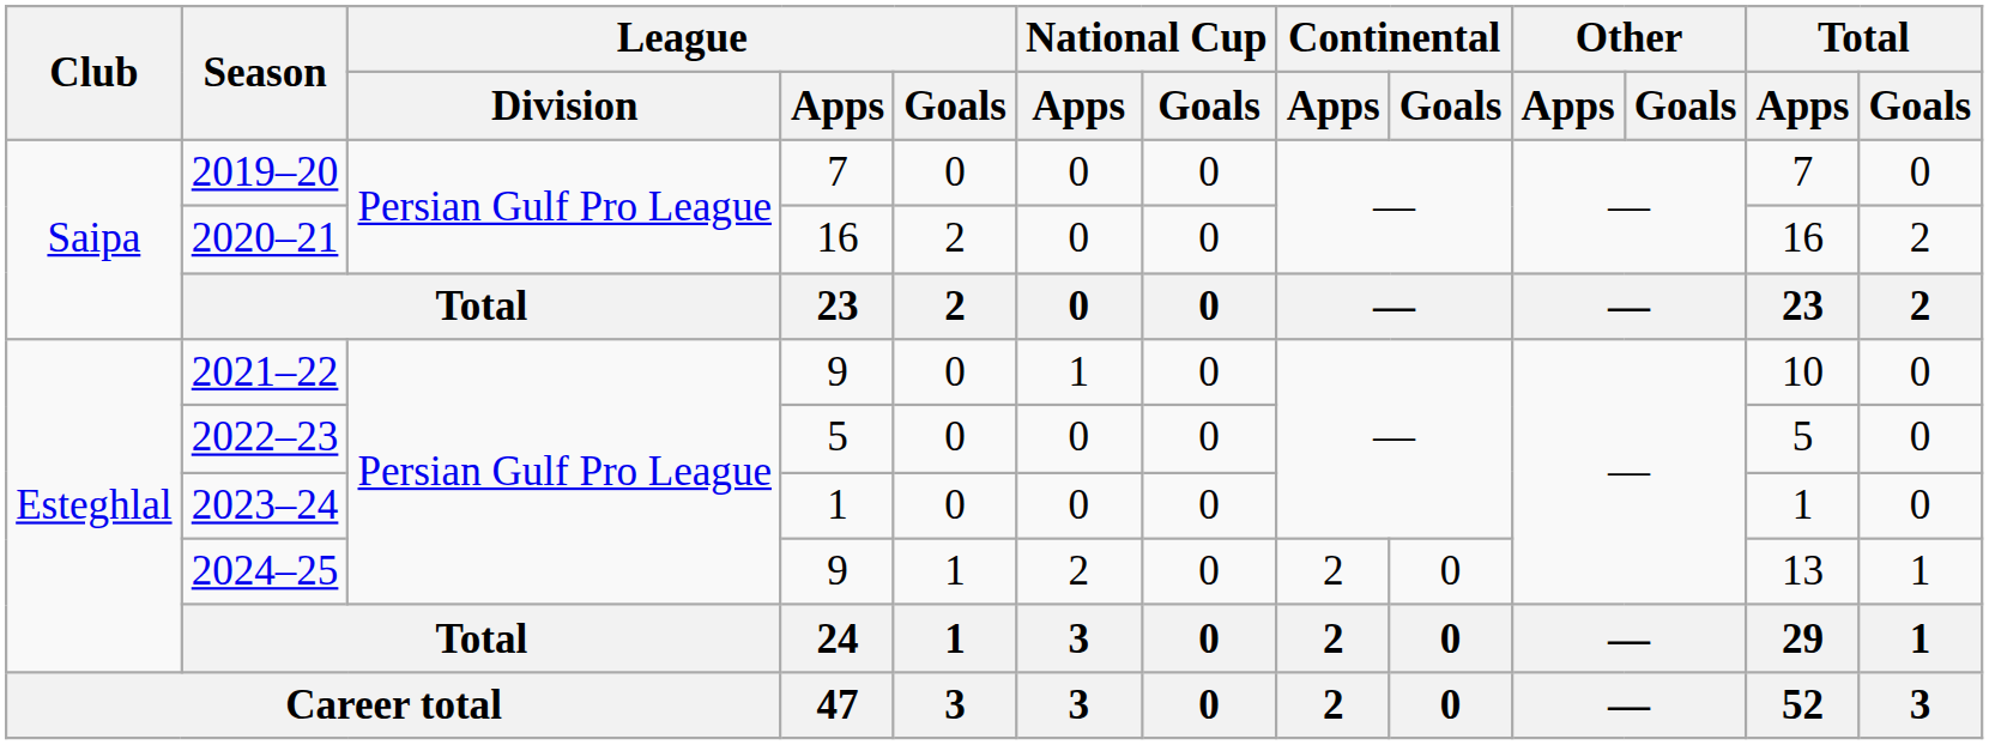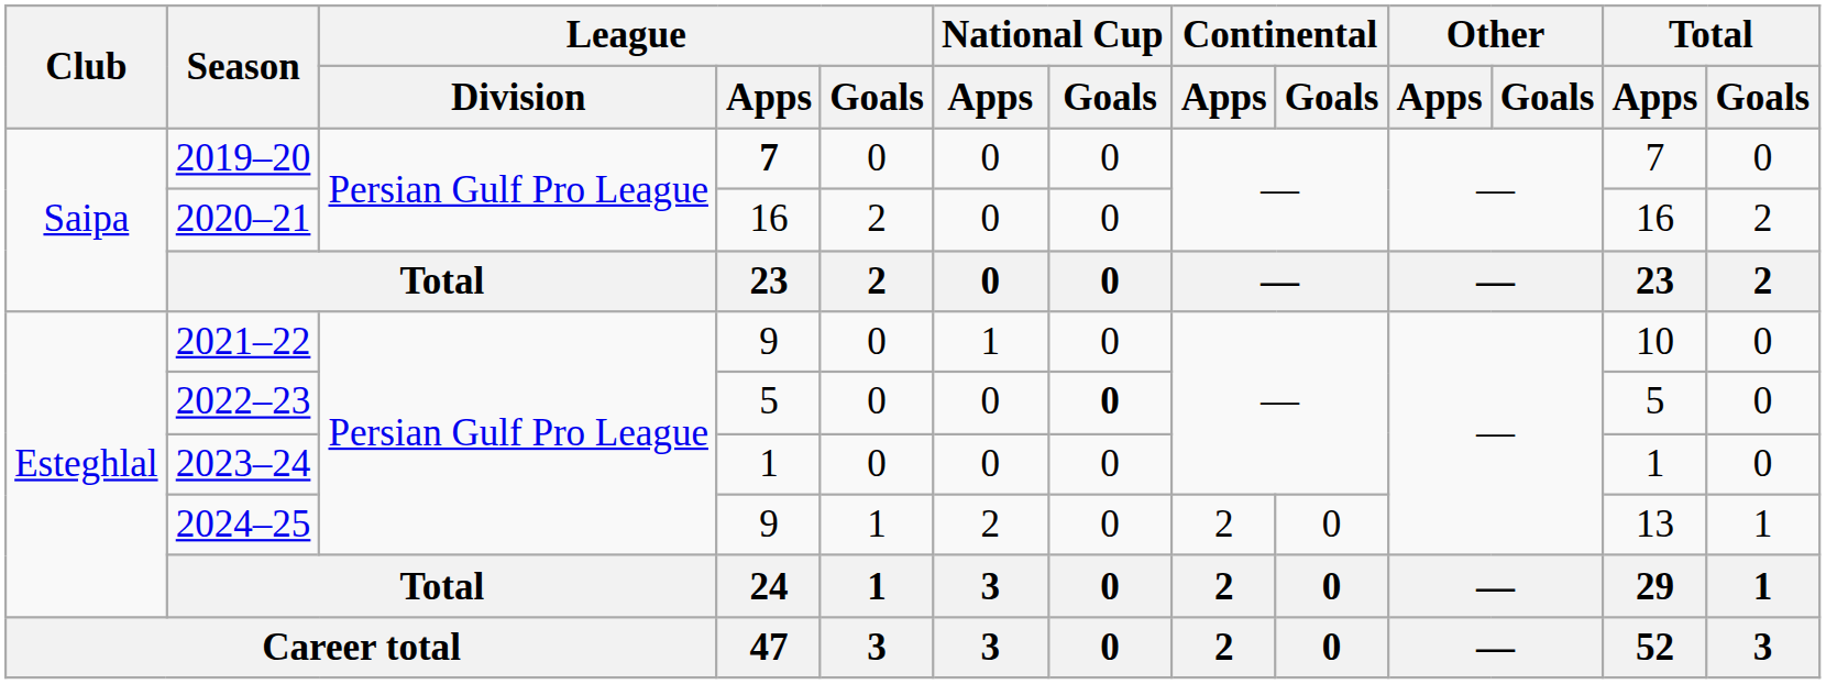 <table class="wikitable" style="text-align:center">
 <tr>
 <th rowspan="2">Club</th>
 <th rowspan="2">Season</th>
 <th colspan="3">League</th>
 <th colspan="2">National Cup</th>
 <th colspan="2">Continental</th>
 <th colspan="2">Other</th>
 <th colspan="2">Total</th>
 </tr>
 <tr>
 <th>Division</th>
 <th>Apps</th>
 <th>Goals</th>
 <th>Apps</th>
 <th>Goals</th>
 <th>Apps</th>
 <th>Goals</th>
 <th>Apps</th>
 <th>Goals</th>
 <th>Apps</th>
 <th>Goals</th>
 </tr>
 <tr>
 <td rowspan="3"><a href='#'>Saipa</a></td>
 <td><a href='#'>2019–20</a></td>
 <td rowspan="2"><a href='#'>Persian Gulf Pro League</a></td>
-<td>7</td>
+<td><strong>7</strong></td>
 <td>0</td>
 <td>0</td>
 <td>0</td>
 <td colspan="2" rowspan="2">—</td>
 <td colspan="2" rowspan="2">—</td>
 <td>7</td>
 <td>0</td>
 </tr>
 <tr>
 <td><a href='#'>2020–21</a></td>
 <td>16</td>
 <td>2</td>
 <td>0</td>
 <td>0</td>
 <td>16</td>
 <td>2</td>
 </tr>
 <tr>
 <th colspan=2>Total</th>
 <th>23</th>
 <th>2</th>
 <th>0</th>
 <th>0</th>
 <th colspan="2">—</th>
 <th colspan="2">—</th>
 <th>23</th>
 <th>2</th>
 </tr>
 <tr>
 <td rowspan="5"><a href='#'>Esteghlal</a></td>
 <td><a href='#'>2021–22</a></td>
 <td rowspan="4"><a href='#'>Persian Gulf Pro League</a></td>
 <td>9</td>
 <td>0</td>
 <td>1</td>
 <td>0</td>
 <td colspan="2" rowspan="3">—</td>
 <td colspan="2" rowspan="4">—</td>
 <td>10</td>
 <td>0</td>
 </tr>
 <tr>
 <td><a href='#'>2022–23</a></td>
 <td>5</td>
 <td>0</td>
 <td>0</td>
-<td>0</td>
+<td><strong>0</strong></td>
 <td>5</td>
 <td>0</td>
 </tr>
 <tr>
 <td><a href='#'>2023–24</a></td>
 <td>1</td>
 <td>0</td>
 <td>0</td>
 <td>0</td>
 <td>1</td>
 <td>0</td>
 </tr>
 <tr>
 <td><a href='#'>2024–25</a></td>
 <td>9</td>
 <td>1</td>
 <td>2</td>
 <td>0</td>
 <td>2</td>
 <td>0</td>
 <td>13</td>
 <td>1</td>
 </tr>
 <tr>
 <th colspan=2>Total</th>
 <th>24</th>
 <th>1</th>
 <th>3</th>
 <th>0</th>
 <th>2</th>
 <th>0</th>
 <th colspan=2>—</th>
 <th>29</th>
 <th>1</th>
 </tr>
 <tr>
 <th colspan="3">Career total</th>
 <th>47</th>
 <th>3</th>
 <th>3</th>
 <th>0</th>
 <th>2</th>
 <th>0</th>
 <th colspan="2">—</th>
 <th>52</th>
 <th>3</th>
 </tr>
 </table>
